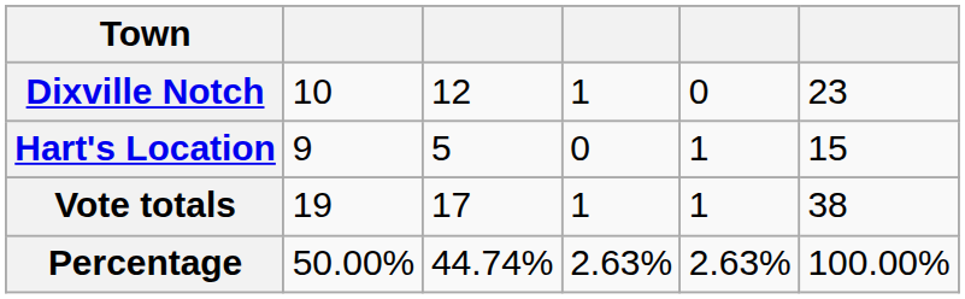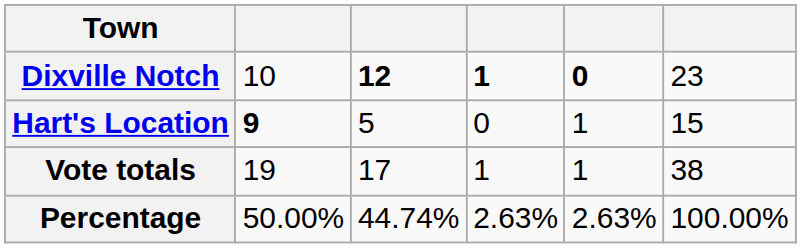 <table class="wikitable sortable" style=margin:auto;margin:auto>
 <tr valign=bottom>
 <th>Town</th>
 <th></th>
 <th></th>
 <th></th>
 <th></th>
 <th></th>
 </tr>
 <tr>
 <th><a href='#'>Dixville Notch</a></th>
 <td>10</td>
-<td>12</td>
-<td>1</td>
-<td>0</td>
+<td><strong>12</strong></td>
+<td><strong>1</strong></td>
+<td><strong>0</strong></td>
 <td>23</td>
 </tr>
 <tr>
 <th><a href='#'>Hart's Location</a></th>
-<td>9</td>
+<td><strong>9</strong></td>
 <td>5</td>
 <td>0</td>
 <td>1</td>
 <td>15</td>
 </tr>
 <tr>
 <th>Vote totals</th>
 <td>19</td>
 <td>17</td>
 <td>1</td>
 <td>1</td>
 <td>38</td>
 </tr>
 <tr>
 <th>Percentage</th>
 <td>50.00%</td>
 <td>44.74%</td>
 <td>2.63%</td>
 <td>2.63%</td>
 <td>100.00%</td>
 </tr>
 </table>
